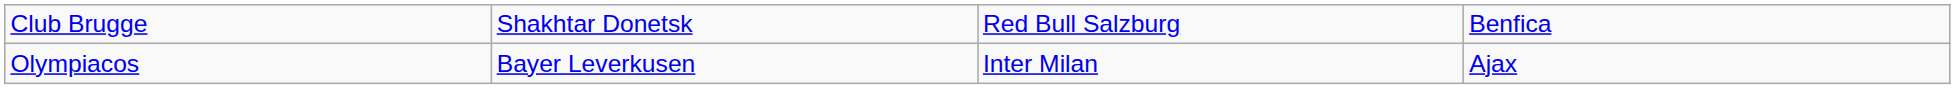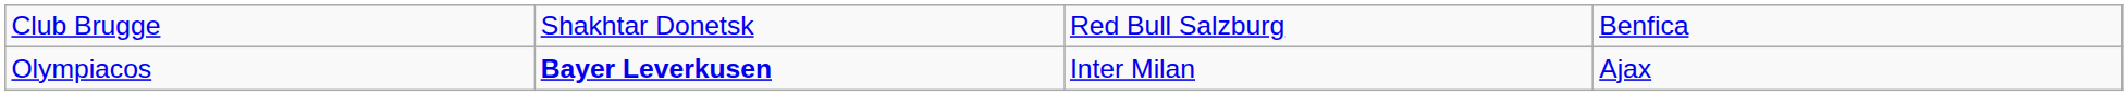 <table class="wikitable" style="table-layout:fixed;width:100%;">
 <tr>
 <td width=25%> <a href='#'>Club Brugge</a> </td>
 <td width=25%> <a href='#'>Shakhtar Donetsk</a> </td>
 <td width=25%> <a href='#'>Red Bull Salzburg</a> </td>
 <td width=25%> <a href='#'>Benfica</a> </td>
 </tr>
 <tr>
 <td> <a href='#'>Olympiacos</a> </td>
-<td> <a href='#'>Bayer Leverkusen</a> </td>
+<td><strong> <a href='#'>Bayer Leverkusen</a> </strong></td>
 <td> <a href='#'>Inter Milan</a> </td>
 <td> <a href='#'>Ajax</a> </td>
 </tr>
 </table>
